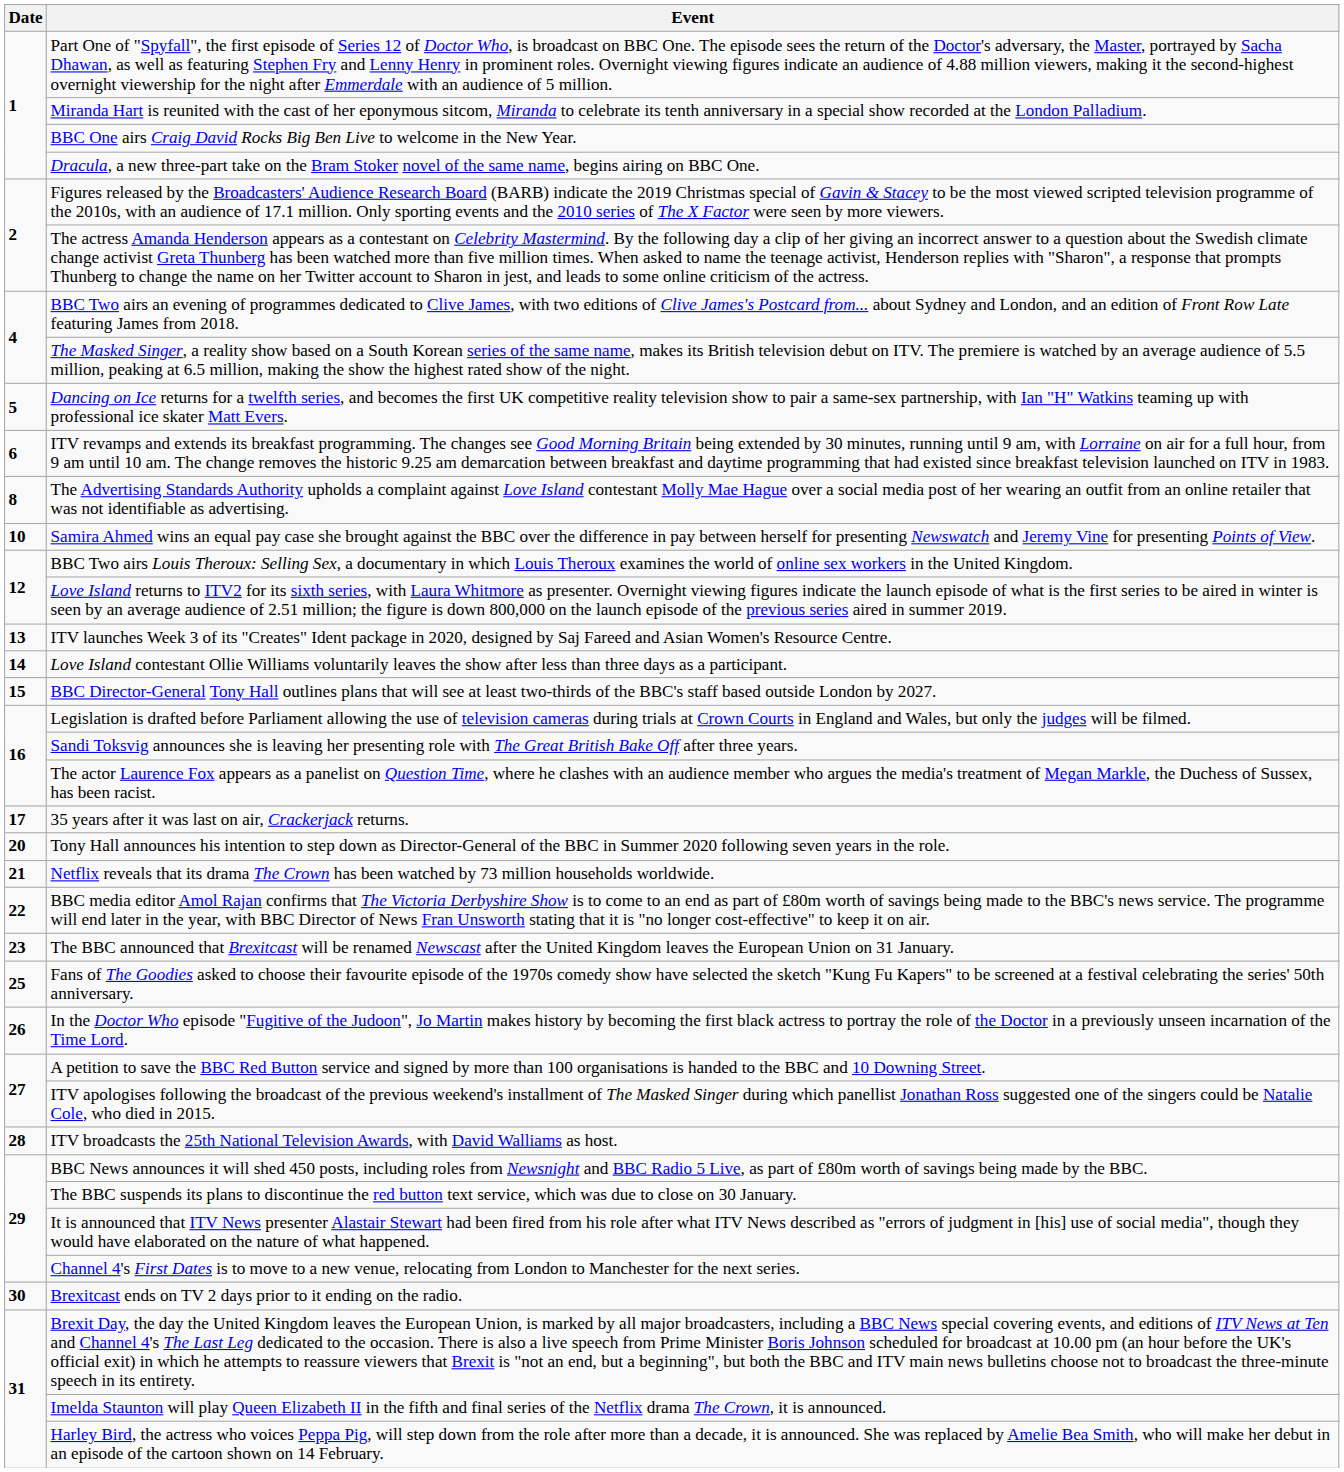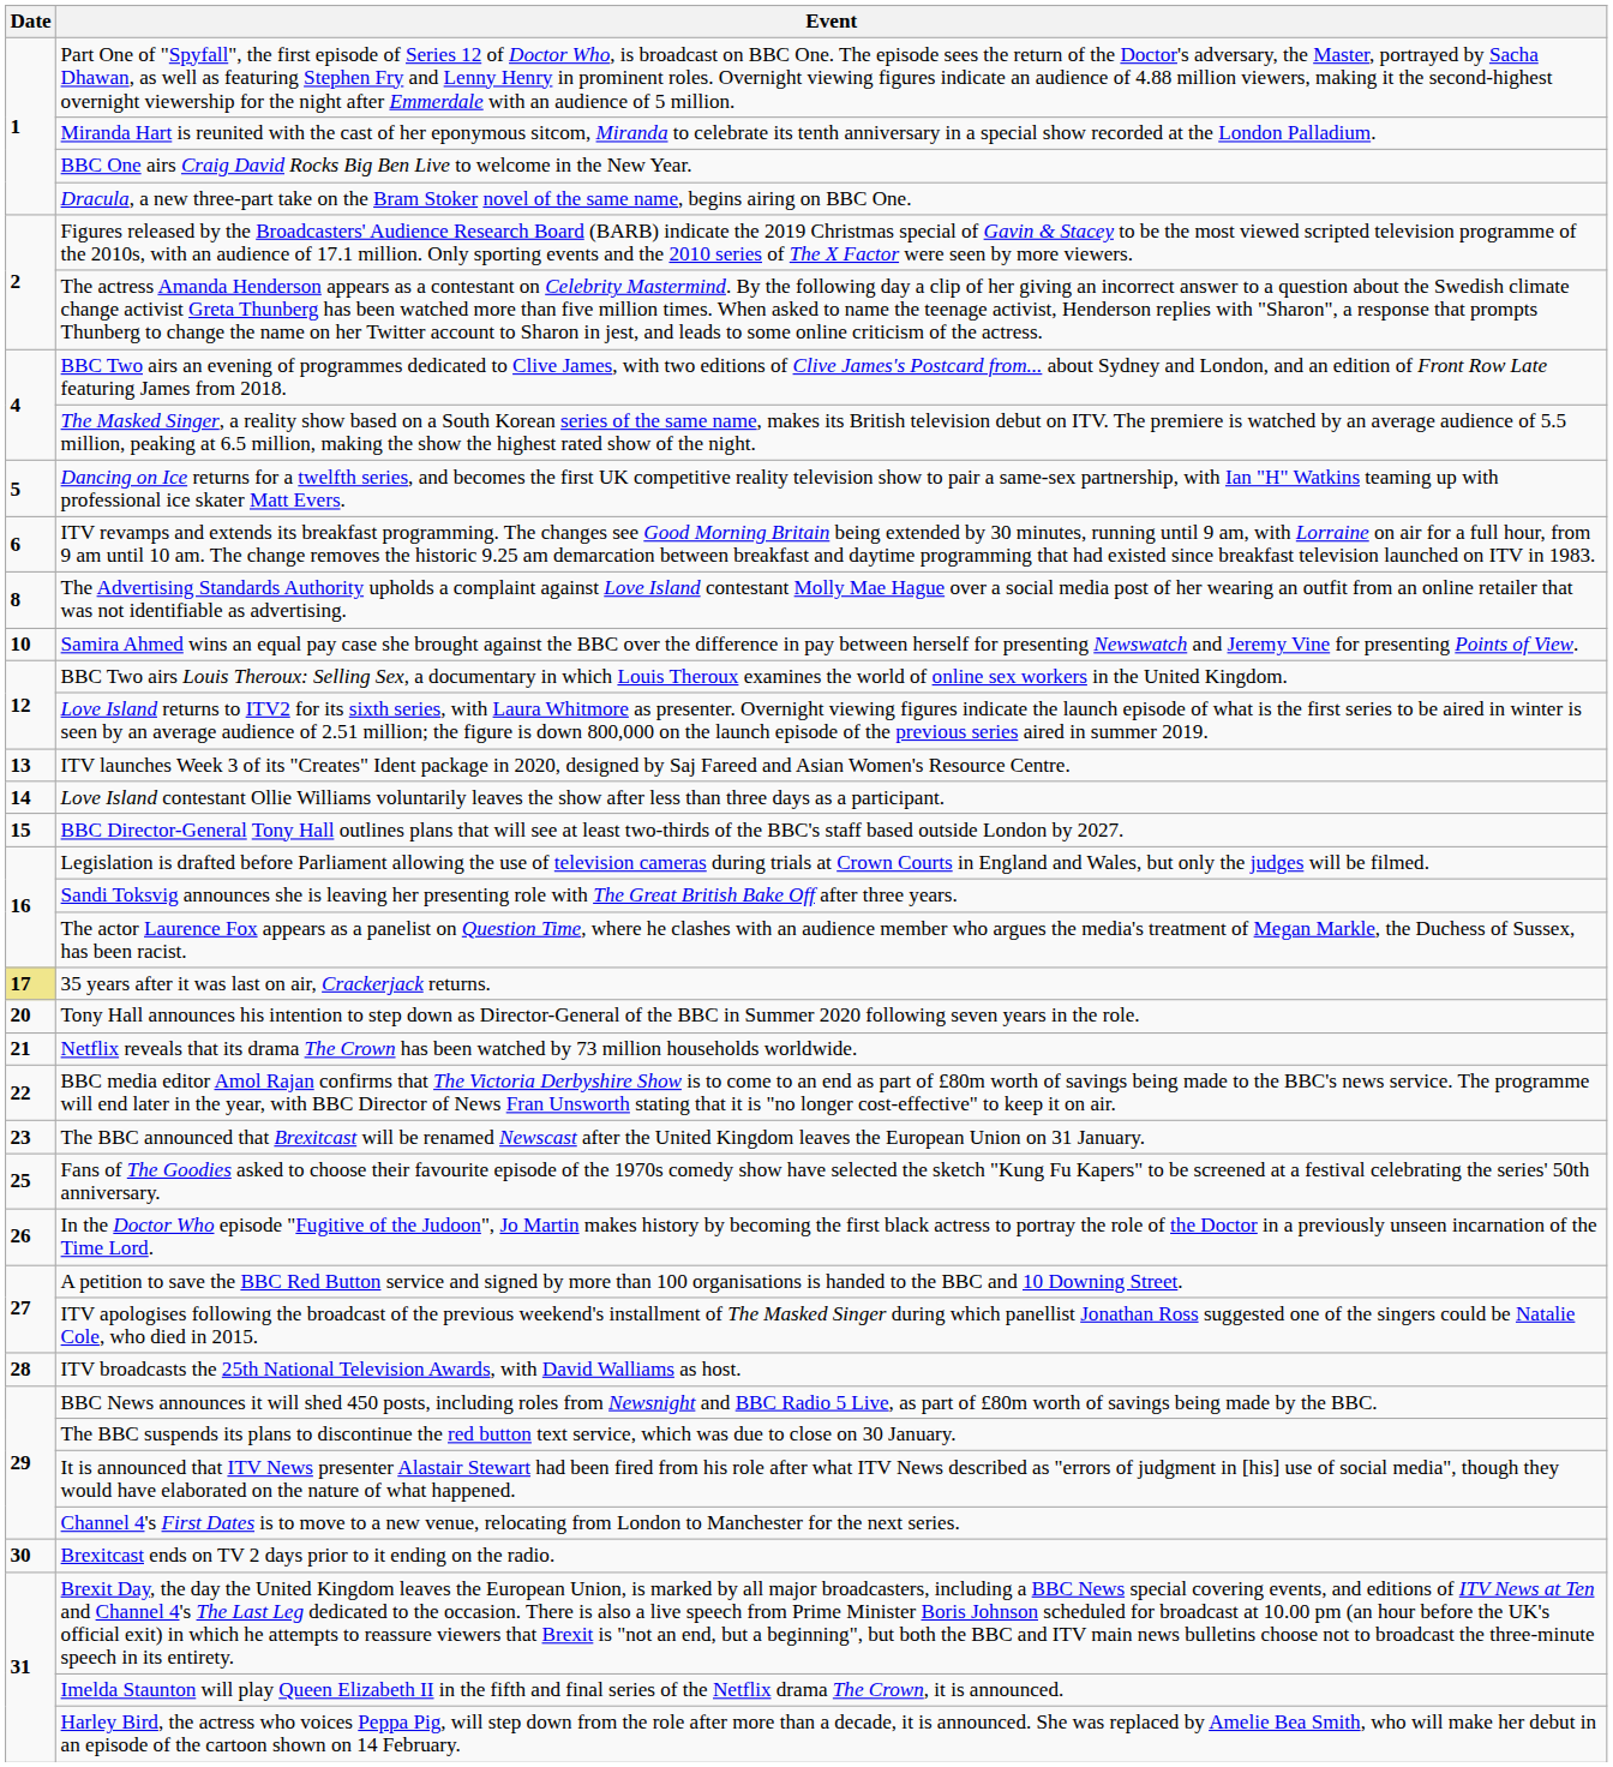 <table class="wikitable">
 <tr>
 <th>Date</th>
 <th>Event</th>
 </tr>
 <tr>
 <td rowspan=4><strong>1</strong></td>
 <td>Part One of "<a href='#'>Spyfall</a>", the first episode of <a href='#'>Series 12</a> of <em><a href='#'>Doctor Who</a></em>, is broadcast on BBC One. The episode sees the return of the <a href='#'>Doctor</a>'s adversary, the <a href='#'>Master</a>, portrayed by <a href='#'>Sacha Dhawan</a>, as well as featuring <a href='#'>Stephen Fry</a> and <a href='#'>Lenny Henry</a> in prominent roles. Overnight viewing figures indicate an audience of 4.88 million viewers, making it the second-highest overnight viewership for the night after <em><a href='#'>Emmerdale</a></em> with an audience of 5 million.</td>
 </tr>
 <tr>
 <td><a href='#'>Miranda Hart</a> is reunited with the cast of her eponymous sitcom, <em><a href='#'>Miranda</a></em> to celebrate its tenth anniversary in a special show recorded at the <a href='#'>London Palladium</a>.</td>
 </tr>
 <tr>
 <td><a href='#'>BBC One</a> airs <em><a href='#'>Craig David</a> Rocks Big Ben Live</em> to welcome in the New Year.</td>
 </tr>
 <tr>
 <td><em><a href='#'>Dracula</a></em>, a new three-part take on the <a href='#'>Bram Stoker</a> <a href='#'>novel of the same name</a>, begins airing on BBC One.</td>
 </tr>
 <tr>
 <td rowspan=2><strong>2</strong></td>
 <td>Figures released by the <a href='#'>Broadcasters' Audience Research Board</a> (BARB) indicate the 2019 Christmas special of <em><a href='#'>Gavin & Stacey</a></em> to be the most viewed scripted television programme of the 2010s, with an audience of 17.1 million. Only sporting events and the <a href='#'>2010 series</a> of <em><a href='#'>The X Factor</a></em> were seen by more viewers.</td>
 </tr>
 <tr>
 <td>The actress <a href='#'>Amanda Henderson</a> appears as a contestant on <em><a href='#'>Celebrity Mastermind</a></em>. By the following day a clip of her giving an incorrect answer to a question about the Swedish climate change activist <a href='#'>Greta Thunberg</a> has been watched more than five million times. When asked to name the teenage activist, Henderson replies with "Sharon", a response that prompts Thunberg to change the name on her Twitter account to Sharon in jest, and leads to some online criticism of the actress.</td>
 </tr>
 <tr>
 <td rowspan=2><strong>4</strong></td>
 <td><a href='#'>BBC Two</a> airs an evening of programmes dedicated to <a href='#'>Clive James</a>, with two editions of <em><a href='#'>Clive James's Postcard from...</a></em> about Sydney and London, and an edition of <em>Front Row Late</em> featuring James from 2018.</td>
 </tr>
 <tr>
 <td><em><a href='#'>The Masked Singer</a></em>, a reality show based on a South Korean <a href='#'>series of the same name</a>, makes its British television debut on ITV. The premiere is watched by an average audience of 5.5 million, peaking at 6.5 million, making the show the highest rated show of the night.</td>
 </tr>
 <tr>
 <td><strong>5</strong></td>
 <td><em><a href='#'>Dancing on Ice</a></em> returns for a <a href='#'>twelfth series</a>, and becomes the first UK competitive reality television show to pair a same-sex partnership, with <a href='#'>Ian "H" Watkins</a> teaming up with professional ice skater <a href='#'>Matt Evers</a>.</td>
 </tr>
 <tr>
 <td><strong>6</strong></td>
 <td>ITV revamps and extends its breakfast programming. The changes see <em><a href='#'>Good Morning Britain</a></em> being extended by 30 minutes, running until 9 am, with <em><a href='#'>Lorraine</a></em> on air for a full hour, from 9 am until 10 am. The change removes the historic 9.25 am demarcation between breakfast and daytime programming that had existed since breakfast television launched on ITV in 1983.</td>
 </tr>
 <tr>
 <td><strong>8</strong></td>
 <td>The <a href='#'>Advertising Standards Authority</a> upholds a complaint against <em><a href='#'>Love Island</a></em> contestant <a href='#'>Molly Mae Hague</a> over a social media post of her wearing an outfit from an online retailer that was not identifiable as advertising.</td>
 </tr>
 <tr>
 <td><strong>10</strong></td>
 <td><a href='#'>Samira Ahmed</a> wins an equal pay case she brought against the BBC over the difference in pay between herself for presenting <em><a href='#'>Newswatch</a></em> and <a href='#'>Jeremy Vine</a> for presenting <em><a href='#'>Points of View</a></em>.</td>
 </tr>
 <tr>
 <td rowspan=2><strong>12</strong></td>
 <td>BBC Two airs <em>Louis Theroux: Selling Sex</em>, a documentary in which <a href='#'>Louis Theroux</a> examines the world of <a href='#'>online sex workers</a> in the United Kingdom.</td>
 </tr>
 <tr>
 <td><em><a href='#'>Love Island</a></em> returns to <a href='#'>ITV2</a> for its <a href='#'>sixth series</a>, with <a href='#'>Laura Whitmore</a> as presenter. Overnight viewing figures indicate the launch episode of what is the first series to be aired in winter is seen by an average audience of 2.51 million; the figure is down 800,000 on the launch episode of the <a href='#'>previous series</a> aired in summer 2019.</td>
 </tr>
 <tr>
 <td><strong>13</strong></td>
 <td>ITV launches Week 3 of its "Creates" Ident package in 2020, designed by Saj Fareed and Asian Women's Resource Centre.</td>
 </tr>
 <tr>
 <td><strong>14</strong></td>
 <td><em>Love Island</em> contestant Ollie Williams voluntarily leaves the show after less than three days as a participant.</td>
 </tr>
 <tr>
 <td><strong>15</strong></td>
 <td><a href='#'>BBC Director-General</a> <a href='#'>Tony Hall</a> outlines plans that will see at least two-thirds of the BBC's staff based outside London by 2027.</td>
 </tr>
 <tr>
 <td rowspan=3><strong>16</strong></td>
 <td>Legislation is drafted before Parliament allowing the use of <a href='#'>television cameras</a> during trials at <a href='#'>Crown Courts</a> in England and Wales, but only the <a href='#'>judges</a> will be filmed.</td>
 </tr>
 <tr>
 <td><a href='#'>Sandi Toksvig</a> announces she is leaving her presenting role with <em><a href='#'>The Great British Bake Off</a></em> after three years.</td>
 </tr>
 <tr>
 <td>The actor <a href='#'>Laurence Fox</a> appears as a panelist on <em><a href='#'>Question Time</a></em>, where he clashes with an audience member who argues the media's treatment of <a href='#'>Megan Markle</a>, the Duchess of Sussex, has been racist.</td>
 </tr>
 <tr>
-<td><strong>17</strong></td>
+<td style="background: khaki;"><strong>17</strong></td>
 <td>35 years after it was last on air, <em><a href='#'>Crackerjack</a></em> returns.</td>
 </tr>
 <tr>
 <td><strong>20</strong></td>
 <td>Tony Hall announces his intention to step down as Director-General of the BBC in Summer 2020 following seven years in the role.</td>
 </tr>
 <tr>
 <td><strong>21</strong></td>
 <td><a href='#'>Netflix</a> reveals that its drama <em><a href='#'>The Crown</a></em> has been watched by 73 million households worldwide.</td>
 </tr>
 <tr>
 <td><strong>22</strong></td>
 <td>BBC media editor <a href='#'>Amol Rajan</a> confirms that <em><a href='#'>The Victoria Derbyshire Show</a></em> is to come to an end as part of £80m worth of savings being made to the BBC's news service. The programme will end later in the year, with BBC Director of News <a href='#'>Fran Unsworth</a> stating that it is "no longer cost-effective" to keep it on air.</td>
 </tr>
 <tr>
 <td><strong>23</strong></td>
 <td>The BBC announced that <em><a href='#'>Brexitcast</a></em> will be renamed <em><a href='#'>Newscast</a></em> after the United Kingdom leaves the European Union on 31 January.</td>
 </tr>
 <tr>
 <td><strong>25</strong></td>
 <td>Fans of <em><a href='#'>The Goodies</a></em> asked to choose their favourite episode of the 1970s comedy show have selected the sketch "Kung Fu Kapers" to be screened at a festival celebrating the series' 50th anniversary.</td>
 </tr>
 <tr>
 <td><strong>26</strong></td>
 <td>In the <em><a href='#'>Doctor Who</a></em> episode "<a href='#'>Fugitive of the Judoon</a>", <a href='#'>Jo Martin</a> makes history by becoming the first black actress to portray the role of <a href='#'>the Doctor</a> in a previously unseen incarnation of the <a href='#'>Time Lord</a>.</td>
 </tr>
 <tr>
 <td rowspan=2><strong>27</strong></td>
 <td>A petition to save the <a href='#'>BBC Red Button</a> service and signed by more than 100 organisations is handed to the BBC and <a href='#'>10 Downing Street</a>.</td>
 </tr>
 <tr>
 <td>ITV apologises following the broadcast of the previous weekend's installment of <em>The Masked Singer</em> during which panellist <a href='#'>Jonathan Ross</a> suggested one of the singers could be <a href='#'>Natalie Cole</a>, who died in 2015.</td>
 </tr>
 <tr>
 <td><strong>28</strong></td>
 <td>ITV broadcasts the <a href='#'>25th National Television Awards</a>, with <a href='#'>David Walliams</a> as host.</td>
 </tr>
 <tr>
 <td rowspan=4><strong>29</strong></td>
 <td>BBC News announces it will shed 450 posts, including roles from <em><a href='#'>Newsnight</a></em> and <a href='#'>BBC Radio 5 Live</a>, as part of £80m worth of savings being made by the BBC.</td>
 </tr>
 <tr>
 <td>The BBC suspends its plans to discontinue the <a href='#'>red button</a> text service, which was due to close on 30 January.</td>
 </tr>
 <tr>
 <td>It is announced that <a href='#'>ITV News</a> presenter <a href='#'>Alastair Stewart</a> had been fired from his role after what ITV News described as "errors of judgment in [his] use of social media", though they would have elaborated on the nature of what happened.</td>
 </tr>
 <tr>
 <td><a href='#'>Channel 4</a>'s <em><a href='#'>First Dates</a></em> is to move to a new venue, relocating from London to Manchester for the next series.</td>
 </tr>
 <tr>
 <td><strong>30</strong></td>
 <td><a href='#'>Brexitcast</a> ends on TV 2 days prior to it ending on the radio.</td>
 </tr>
 <tr>
 <td rowspan=3><strong>31</strong></td>
 <td><a href='#'>Brexit Day</a>, the day the United Kingdom leaves the European Union, is marked by all major broadcasters, including a <a href='#'>BBC News</a> special covering events, and editions of <em><a href='#'>ITV News at Ten</a></em> and <a href='#'>Channel 4</a>'s <em><a href='#'>The Last Leg</a></em> dedicated to the occasion. There is also a live speech from Prime Minister <a href='#'>Boris Johnson</a> scheduled for broadcast at 10.00 pm (an hour before the UK's official exit) in which he attempts to reassure viewers that <a href='#'>Brexit</a> is "not an end, but a beginning", but both the BBC and ITV main news bulletins choose not to broadcast the three-minute speech in its entirety.</td>
 </tr>
 <tr>
 <td><a href='#'>Imelda Staunton</a> will play <a href='#'>Queen Elizabeth II</a> in the fifth and final series of the <a href='#'>Netflix</a> drama <em><a href='#'>The Crown</a></em>, it is announced.</td>
 </tr>
 <tr>
 <td><a href='#'>Harley Bird</a>, the actress who voices <a href='#'>Peppa Pig</a>, will step down from the role after more than a decade, it is announced. She was replaced by <a href='#'>Amelie Bea Smith</a>, who will make her debut in an episode of the cartoon shown on 14 February.</td>
 </tr>
 </table>
